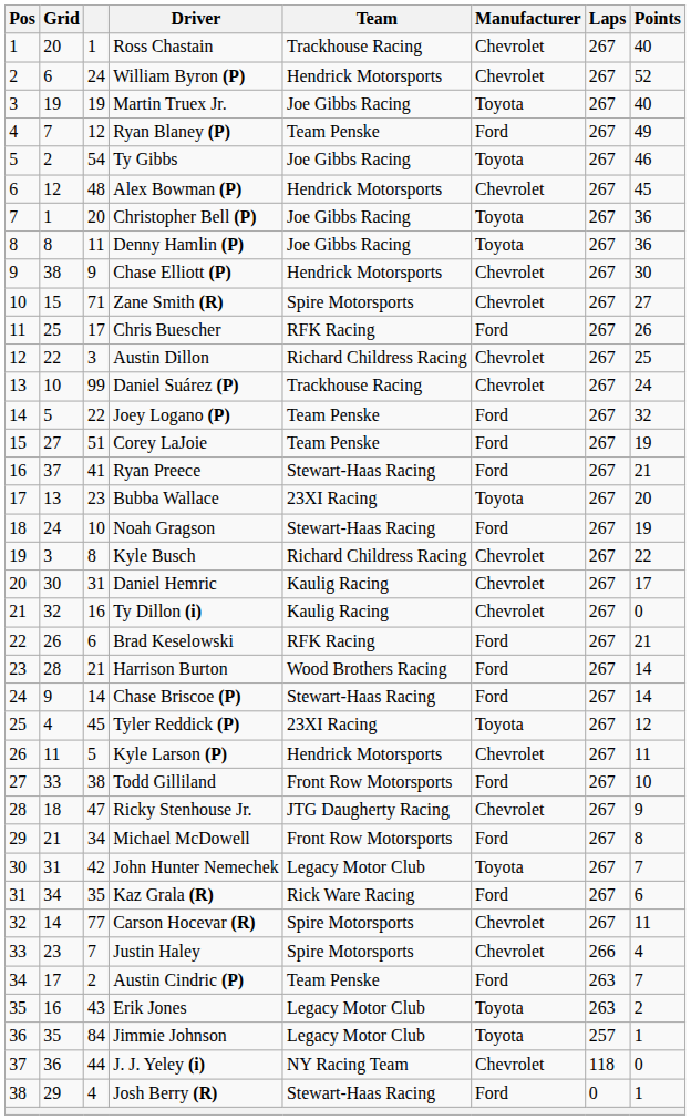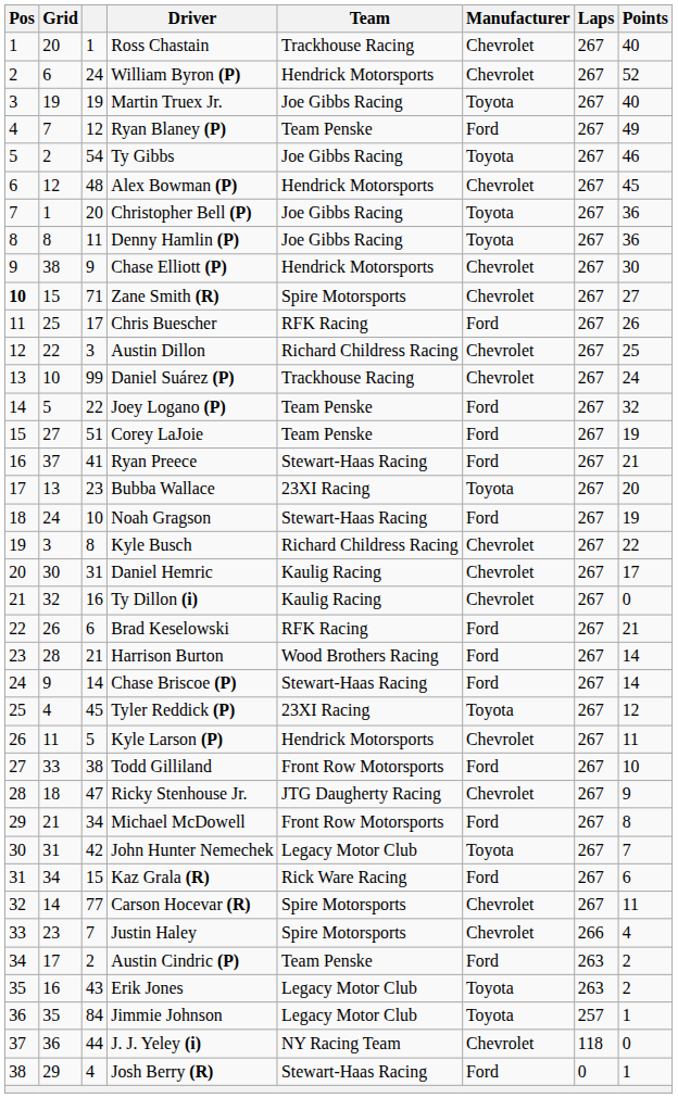 <table class="wikitable" style="font-size:98%">
 <tr>
 <th>Pos</th>
 <th>Grid</th>
 <th></th>
 <th>Driver</th>
 <th>Team</th>
 <th>Manufacturer</th>
 <th>Laps</th>
 <th>Points</th>
 </tr>
 <tr>
 <td>1</td>
 <td>20</td>
 <td>1</td>
 <td>Ross Chastain</td>
 <td>Trackhouse Racing</td>
 <td>Chevrolet</td>
 <td>267</td>
 <td>40</td>
 </tr>
 <tr>
 <td>2</td>
 <td>6</td>
 <td>24</td>
 <td>William Byron <strong>(P)</strong></td>
 <td>Hendrick Motorsports</td>
 <td>Chevrolet</td>
 <td>267</td>
 <td>52</td>
 </tr>
 <tr>
 <td>3</td>
 <td>19</td>
 <td>19</td>
 <td>Martin Truex Jr.</td>
 <td>Joe Gibbs Racing</td>
 <td>Toyota</td>
 <td>267</td>
 <td>40</td>
 </tr>
 <tr>
 <td>4</td>
 <td>7</td>
 <td>12</td>
 <td>Ryan Blaney <strong>(P)</strong></td>
 <td>Team Penske</td>
 <td>Ford</td>
 <td>267</td>
 <td>49</td>
 </tr>
 <tr>
 <td>5</td>
 <td>2</td>
 <td>54</td>
 <td>Ty Gibbs</td>
 <td>Joe Gibbs Racing</td>
 <td>Toyota</td>
 <td>267</td>
 <td>46</td>
 </tr>
 <tr>
 <td>6</td>
 <td>12</td>
 <td>48</td>
 <td>Alex Bowman <strong>(P)</strong></td>
 <td>Hendrick Motorsports</td>
 <td>Chevrolet</td>
 <td>267</td>
 <td>45</td>
 </tr>
 <tr>
 <td>7</td>
 <td>1</td>
 <td>20</td>
 <td>Christopher Bell <strong>(P)</strong></td>
 <td>Joe Gibbs Racing</td>
 <td>Toyota</td>
 <td>267</td>
 <td>36</td>
 </tr>
 <tr>
 <td>8</td>
 <td>8</td>
 <td>11</td>
 <td>Denny Hamlin <strong>(P)</strong></td>
 <td>Joe Gibbs Racing</td>
 <td>Toyota</td>
 <td>267</td>
 <td>36</td>
 </tr>
 <tr>
 <td>9</td>
 <td>38</td>
 <td>9</td>
 <td>Chase Elliott <strong>(P)</strong></td>
 <td>Hendrick Motorsports</td>
 <td>Chevrolet</td>
 <td>267</td>
 <td>30</td>
 </tr>
 <tr>
-<td>10</td>
+<td><strong>10</strong></td>
 <td>15</td>
 <td>71</td>
 <td>Zane Smith <strong>(R)</strong></td>
 <td>Spire Motorsports</td>
 <td>Chevrolet</td>
 <td>267</td>
 <td>27</td>
 </tr>
 <tr>
 <td>11</td>
 <td>25</td>
 <td>17</td>
 <td>Chris Buescher</td>
 <td>RFK Racing</td>
 <td>Ford</td>
 <td>267</td>
 <td>26</td>
 </tr>
 <tr>
 <td>12</td>
 <td>22</td>
 <td>3</td>
 <td>Austin Dillon</td>
 <td>Richard Childress Racing</td>
 <td>Chevrolet</td>
 <td>267</td>
 <td>25</td>
 </tr>
 <tr>
 <td>13</td>
 <td>10</td>
 <td>99</td>
 <td>Daniel Suárez <strong>(P)</strong></td>
 <td>Trackhouse Racing</td>
 <td>Chevrolet</td>
 <td>267</td>
 <td>24</td>
 </tr>
 <tr>
 <td>14</td>
 <td>5</td>
 <td>22</td>
 <td>Joey Logano <strong>(P)</strong></td>
 <td>Team Penske</td>
 <td>Ford</td>
 <td>267</td>
 <td>32</td>
 </tr>
 <tr>
 <td>15</td>
 <td>27</td>
 <td>51</td>
 <td>Corey LaJoie</td>
 <td>Team Penske</td>
 <td>Ford</td>
 <td>267</td>
 <td>19</td>
 </tr>
 <tr>
 <td>16</td>
 <td>37</td>
 <td>41</td>
 <td>Ryan Preece</td>
 <td>Stewart-Haas Racing</td>
 <td>Ford</td>
 <td>267</td>
 <td>21</td>
 </tr>
 <tr>
 <td>17</td>
 <td>13</td>
 <td>23</td>
 <td>Bubba Wallace</td>
 <td>23XI Racing</td>
 <td>Toyota</td>
 <td>267</td>
 <td>20</td>
 </tr>
 <tr>
 <td>18</td>
 <td>24</td>
 <td>10</td>
 <td>Noah Gragson</td>
 <td>Stewart-Haas Racing</td>
 <td>Ford</td>
 <td>267</td>
 <td>19</td>
 </tr>
 <tr>
 <td>19</td>
 <td>3</td>
 <td>8</td>
 <td>Kyle Busch</td>
 <td>Richard Childress Racing</td>
 <td>Chevrolet</td>
 <td>267</td>
 <td>22</td>
 </tr>
 <tr>
 <td>20</td>
 <td>30</td>
 <td>31</td>
 <td>Daniel Hemric</td>
 <td>Kaulig Racing</td>
 <td>Chevrolet</td>
 <td>267</td>
 <td>17</td>
 </tr>
 <tr>
 <td>21</td>
 <td>32</td>
 <td>16</td>
 <td>Ty Dillon <strong>(i)</strong></td>
 <td>Kaulig Racing</td>
 <td>Chevrolet</td>
 <td>267</td>
 <td>0</td>
 </tr>
 <tr>
 <td>22</td>
 <td>26</td>
 <td>6</td>
 <td>Brad Keselowski</td>
 <td>RFK Racing</td>
 <td>Ford</td>
 <td>267</td>
 <td>21</td>
 </tr>
 <tr>
 <td>23</td>
 <td>28</td>
 <td>21</td>
 <td>Harrison Burton</td>
 <td>Wood Brothers Racing</td>
 <td>Ford</td>
 <td>267</td>
 <td>14</td>
 </tr>
 <tr>
 <td>24</td>
 <td>9</td>
 <td>14</td>
 <td>Chase Briscoe <strong>(P)</strong></td>
 <td>Stewart-Haas Racing</td>
 <td>Ford</td>
 <td>267</td>
 <td>14</td>
 </tr>
 <tr>
 <td>25</td>
 <td>4</td>
 <td>45</td>
 <td>Tyler Reddick <strong>(P)</strong></td>
 <td>23XI Racing</td>
 <td>Toyota</td>
 <td>267</td>
 <td>12</td>
 </tr>
 <tr>
 <td>26</td>
 <td>11</td>
 <td>5</td>
 <td>Kyle Larson <strong>(P)</strong></td>
 <td>Hendrick Motorsports</td>
 <td>Chevrolet</td>
 <td>267</td>
 <td>11</td>
 </tr>
 <tr>
 <td>27</td>
 <td>33</td>
 <td>38</td>
 <td>Todd Gilliland</td>
 <td>Front Row Motorsports</td>
 <td>Ford</td>
 <td>267</td>
 <td>10</td>
 </tr>
 <tr>
 <td>28</td>
 <td>18</td>
 <td>47</td>
 <td>Ricky Stenhouse Jr.</td>
 <td>JTG Daugherty Racing</td>
 <td>Chevrolet</td>
 <td>267</td>
 <td>9</td>
 </tr>
 <tr>
 <td>29</td>
 <td>21</td>
 <td>34</td>
 <td>Michael McDowell</td>
 <td>Front Row Motorsports</td>
 <td>Ford</td>
 <td>267</td>
 <td>8</td>
 </tr>
 <tr>
 <td>30</td>
 <td>31</td>
 <td>42</td>
 <td>John Hunter Nemechek</td>
 <td>Legacy Motor Club</td>
 <td>Toyota</td>
 <td>267</td>
 <td>7</td>
 </tr>
 <tr>
 <td>31</td>
 <td>34</td>
-<td>35</td>
+<td>15</td>
 <td>Kaz Grala <strong>(R)</strong></td>
 <td>Rick Ware Racing</td>
 <td>Ford</td>
 <td>267</td>
 <td>6</td>
 </tr>
 <tr>
 <td>32</td>
 <td>14</td>
 <td>77</td>
 <td>Carson Hocevar <strong>(R)</strong></td>
 <td>Spire Motorsports</td>
 <td>Chevrolet</td>
 <td>267</td>
 <td>11</td>
 </tr>
 <tr>
 <td>33</td>
 <td>23</td>
 <td>7</td>
 <td>Justin Haley</td>
 <td>Spire Motorsports</td>
 <td>Chevrolet</td>
 <td>266</td>
 <td>4</td>
 </tr>
 <tr>
 <td>34</td>
 <td>17</td>
 <td>2</td>
 <td>Austin Cindric <strong>(P)</strong></td>
 <td>Team Penske</td>
 <td>Ford</td>
 <td>263</td>
-<td>7</td>
+<td>2</td>
 </tr>
 <tr>
 <td>35</td>
 <td>16</td>
 <td>43</td>
 <td>Erik Jones</td>
 <td>Legacy Motor Club</td>
 <td>Toyota</td>
 <td>263</td>
 <td>2</td>
 </tr>
 <tr>
 <td>36</td>
 <td>35</td>
 <td>84</td>
 <td>Jimmie Johnson</td>
 <td>Legacy Motor Club</td>
 <td>Toyota</td>
 <td>257</td>
 <td>1</td>
 </tr>
 <tr>
 <td>37</td>
 <td>36</td>
 <td>44</td>
 <td>J. J. Yeley <strong>(i)</strong></td>
 <td>NY Racing Team</td>
 <td>Chevrolet</td>
 <td>118</td>
 <td>0</td>
 </tr>
 <tr>
 <td>38</td>
 <td>29</td>
 <td>4</td>
 <td>Josh Berry <strong>(R)</strong></td>
 <td>Stewart-Haas Racing</td>
 <td>Ford</td>
 <td>0</td>
 <td>1</td>
 </tr>
 <tr>
 <th colspan="8"></th>
 </tr>
 </table>
